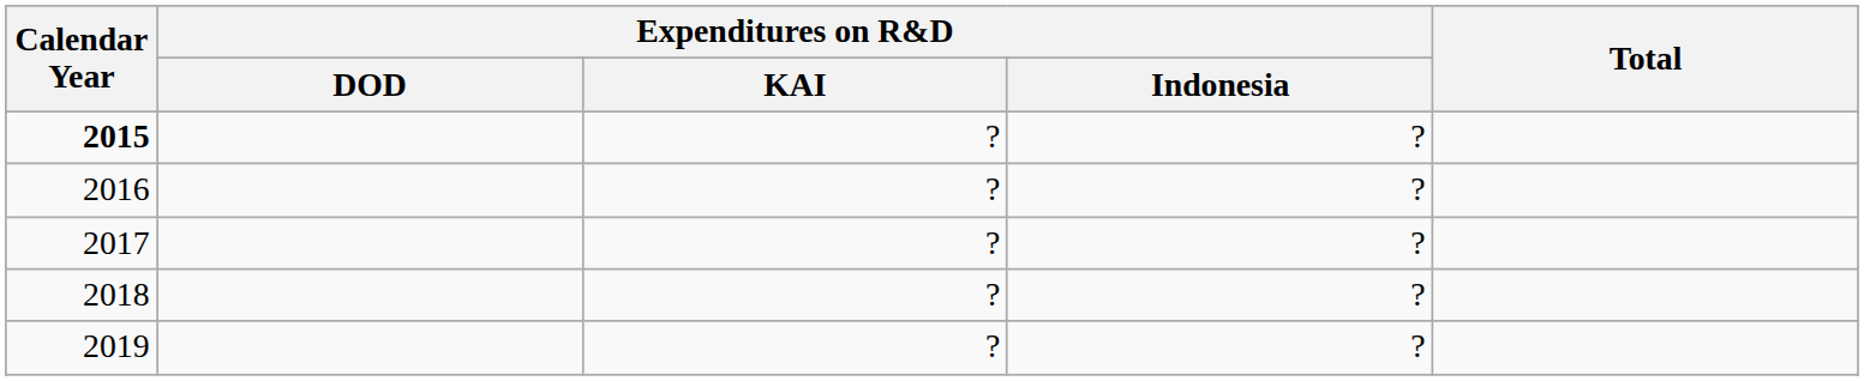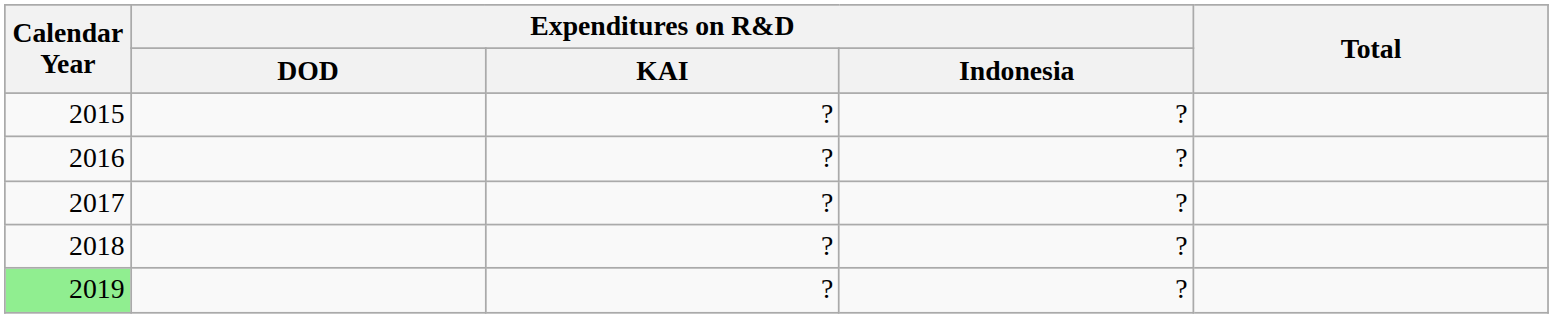 <table class="wikitable">
 <tr>
 <th rowspan="2" width="8%">Calendar<br>Year</th>
 <th colspan="3">Expenditures on R&D</th>
 <th rowspan="2" width="22.5%">Total</th>
 </tr>
 <tr>
 <th width="22.5%">DOD</th>
 <th width="22.5%">KAI</th>
 <th width="22.5%">Indonesia</th>
 </tr>
 <tr align="right">
-<td><strong>2015</strong></td>
+<td>2015</td>
 <td></td>
 <td>?</td>
 <td>?</td>
 <td></td>
 </tr>
 <tr align="right">
 <td>2016</td>
 <td></td>
 <td>?</td>
 <td>?</td>
 <td></td>
 </tr>
 <tr align="right">
 <td>2017</td>
 <td></td>
 <td>?</td>
 <td>?</td>
 <td></td>
 </tr>
 <tr align="right">
 <td>2018</td>
 <td></td>
 <td>?</td>
 <td>?</td>
 <td></td>
 </tr>
 <tr align="right">
-<td>2019</td>
+<td style="background: lightgreen;">2019</td>
 <td></td>
 <td>?</td>
 <td>?</td>
 <td></td>
 </tr>
 </table>
